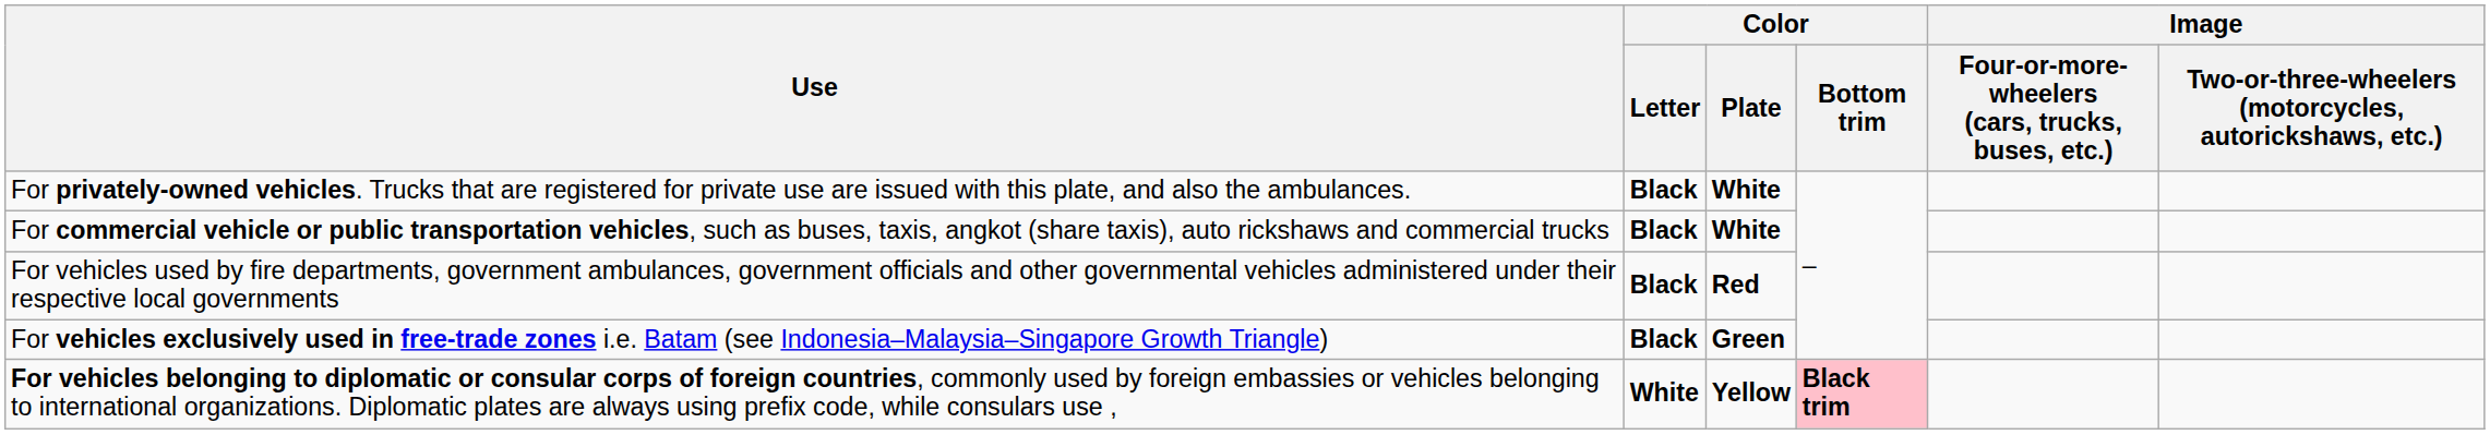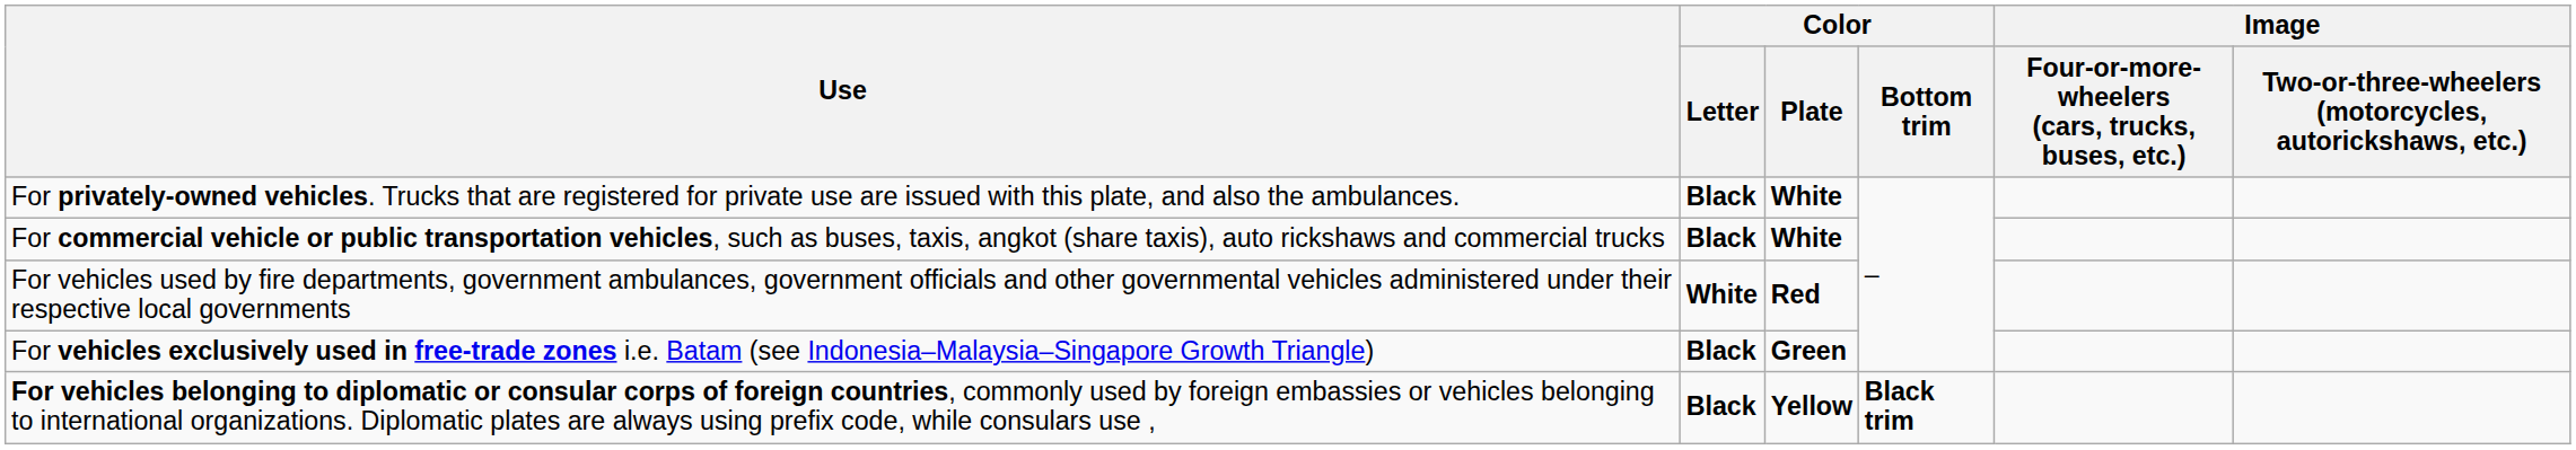 <table class="wikitable">
 <tr>
 <th rowspan="2">Use</th>
 <th colspan="3">Color</th>
 <th colspan="2">Image</th>
 </tr>
 <tr>
 <th>Letter</th>
 <th>Plate</th>
 <th>Bottom trim</th>
 <th>Four-or-more-wheelers<br>(cars, trucks, buses, etc.)</th>
 <th>Two-or-three-wheelers<br>(motorcycles, autorickshaws, etc.)</th>
 </tr>
 <tr>
 <td>For <strong>privately-owned vehicles</strong>. Trucks that are registered for private use are issued with this plate, and also the ambulances.</td>
 <td><strong>Black</strong></td>
 <td><strong>White</strong></td>
 <td rowspan="4">–</td>
 <td></td>
 <td></td>
 </tr>
 <tr>
 <td>For <strong>commercial vehicle or public transportation vehicles</strong>, such as buses, taxis, angkot (share taxis), auto rickshaws and commercial trucks</td>
 <td><strong>Black</strong></td>
 <td><strong>White</strong></td>
 <td></td>
 <td></td>
 </tr>
 <tr>
 <td>For vehicles used by fire departments, government ambulances, government officials and other governmental vehicles administered under their respective local governments</td>
-<td><strong>Black</strong></td>
+<td><strong>White</strong></td>
 <td><strong>Red</strong></td>
 <td></td>
 <td></td>
 </tr>
 <tr>
 <td>For <strong>vehicles exclusively used in <a href='#'>free-trade zones</a></strong> i.e. <a href='#'>Batam</a> (see <a href='#'>Indonesia–Malaysia–Singapore Growth Triangle</a>)</td>
 <td><strong>Black</strong></td>
 <td><strong>Green</strong></td>
 <td></td>
 <td></td>
 </tr>
 <tr>
 <td><strong>For vehicles belonging to diplomatic or consular corps of foreign countries</strong>, commonly used by foreign embassies or vehicles belonging to international organizations. Diplomatic plates are always using  prefix code, while consulars use ,</td>
-<td><strong>White</strong></td>
+<td><strong>Black</strong></td>
 <td><strong>Yellow</strong></td>
-<td style="background: pink;"><strong>Black trim</strong></td>
+<td><strong>Black trim</strong></td>
 <td></td>
 <td></td>
 </tr>
 </table>
